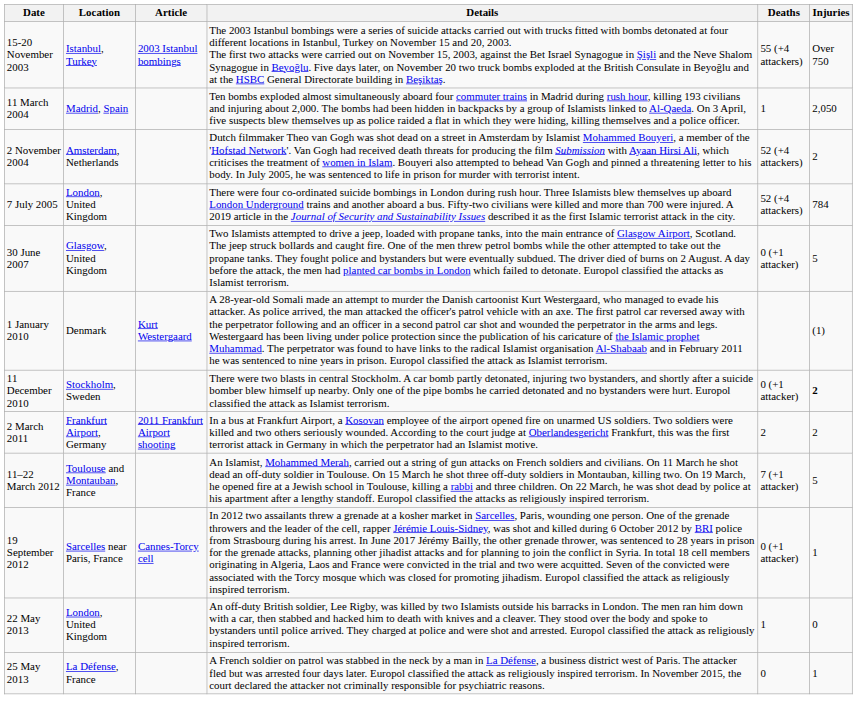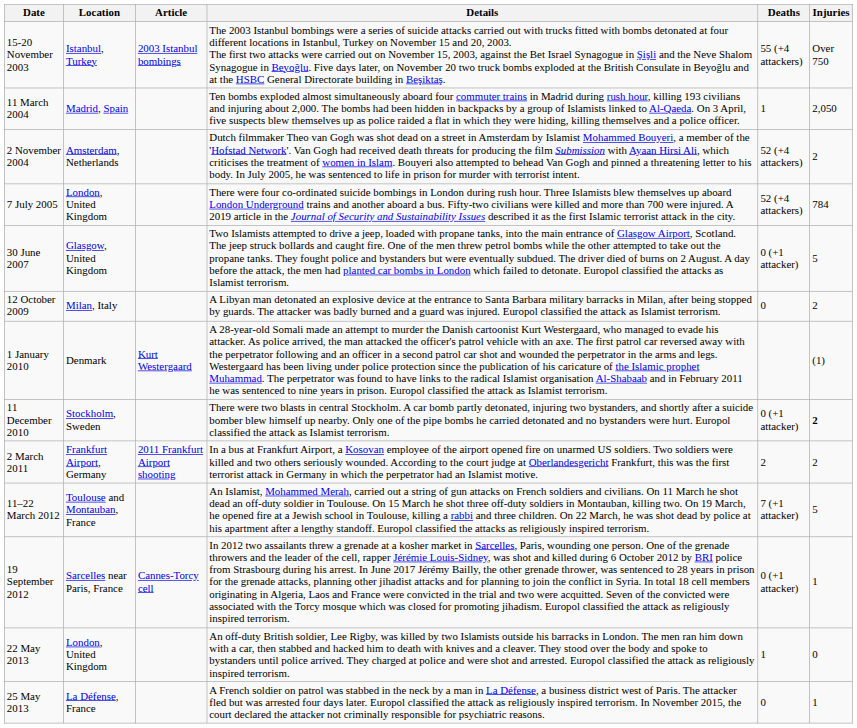 <table class="wikitable ">
 <tr>
 <th>Date</th>
 <th>Location</th>
 <th>Article</th>
 <th>Details</th>
 <th>Deaths</th>
 <th>Injuries</th>
 </tr>
 <tr>
 <td>15-20 November 2003</td>
 <td> <a href='#'>Istanbul</a>, <a href='#'>Turkey</a></td>
 <td><a href='#'>2003 Istanbul bombings</a></td>
 <td>The 2003 Istanbul bombings were a series of suicide attacks carried out with trucks fitted with bombs detonated at four different locations in Istanbul, Turkey on November 15 and 20, 2003.<br>The first two attacks were carried out on November 15, 2003, against the Bet Israel Synagogue in <a href='#'>Şişli</a> and the Neve Shalom Synagogue in <a href='#'>Beyoğlu</a>. Five days later, on November 20 two truck bombs exploded at the British Consulate in Beyoğlu and at the <a href='#'>HSBC</a> General Directorate building in <a href='#'>Beşiktaş</a>.</td>
 <td>55 (+4 attackers)</td>
 <td>Over 750</td>
 </tr>
 <tr>
 <td>11 March 2004</td>
 <td> <a href='#'>Madrid</a>, <a href='#'>Spain</a></td>
 <td></td>
 <td>Ten bombs exploded almost simultaneously aboard four <a href='#'>commuter trains</a> in Madrid during <a href='#'>rush hour</a>, killing 193 civilians and injuring about 2,000. The bombs had been hidden in backpacks by a group of Islamists linked to <a href='#'>Al-Qaeda</a>. On 3 April, five suspects blew themselves up as police raided a flat in which they were hiding, killing themselves and a police officer.</td>
 <td>1</td>
 <td>2,050</td>
 </tr>
 <tr>
 <td>2 November 2004</td>
 <td> <a href='#'>Amsterdam</a>, Netherlands</td>
 <td></td>
 <td>Dutch filmmaker Theo van Gogh was shot dead on a street in Amsterdam by Islamist <a href='#'>Mohammed Bouyeri</a>, a member of the '<a href='#'>Hofstad Network</a>'. Van Gogh had received death threats for producing the film <em><a href='#'>Submission</a></em> with <a href='#'>Ayaan Hirsi Ali</a>, which criticises the treatment of <a href='#'>women in Islam</a>. Bouyeri also attempted to behead Van Gogh and pinned a threatening letter to his body. In July 2005, he was sentenced to life in prison for murder with terrorist intent.</td>
 <td>52 (+4 attackers)</td>
 <td>2</td>
 </tr>
 <tr>
 <td>7 July 2005</td>
 <td> <a href='#'>London</a>, United Kingdom</td>
 <td></td>
 <td>There were four co-ordinated suicide bombings in London during rush hour. Three Islamists blew themselves up aboard <a href='#'>London Underground</a> trains and another aboard a bus. Fifty-two civilians were killed and more than 700 were injured. A 2019 article in the <em><a href='#'>Journal of Security and Sustainability Issues</a></em> described it as the first Islamic terrorist attack in the city.</td>
 <td>52 (+4 attackers)</td>
 <td>784</td>
 </tr>
 <tr>
 <td>30 June 2007</td>
 <td> <a href='#'>Glasgow</a>, United Kingdom</td>
 <td></td>
 <td>Two Islamists attempted to drive a jeep, loaded with propane tanks, into the main entrance of <a href='#'>Glasgow Airport</a>, Scotland. The jeep struck bollards and caught fire. One of the men threw petrol bombs while the other attempted to take out the propane tanks. They fought police and bystanders but were eventually subdued. The driver died of burns on 2 August. A day before the attack, the men had <a href='#'>planted car bombs in London</a> which failed to detonate. Europol classified the attacks as Islamist terrorism.</td>
 <td>0 (+1 attacker)</td>
 <td>5</td>
+</tr>
+<tr>
+<td>12 October 2009</td>
+<td> <a href='#'>Milan</a>, Italy</td>
+<td></td>
+<td>A Libyan man detonated an explosive device at the entrance to Santa Barbara military barracks in Milan, after being stopped by guards. The attacker was badly burned and a guard was injured. Europol classified the attack as Islamist terrorism.</td>
+<td>0</td>
+<td>2</td>
 </tr>
 <tr>
 <td>1 January 2010</td>
 <td> Denmark</td>
 <td><a href='#'>Kurt Westergaard</a></td>
 <td>A 28-year-old Somali made an attempt to murder the Danish cartoonist Kurt Westergaard, who managed to evade his attacker. As police arrived, the man attacked the officer's patrol vehicle with an axe. The first patrol car reversed away with the perpetrator following and an officer in a second patrol car shot and wounded the perpetrator in the arms and legs. Westergaard has been living under police protection since the publication of his caricature of <a href='#'>the Islamic prophet Muhammad</a>. The perpetrator was found to have links to the radical Islamist organisation <a href='#'>Al-Shabaab</a> and in February 2011 he was sentenced to nine years in prison. Europol classified the attack as Islamist terrorism.</td>
 <td></td>
 <td>(1)</td>
 </tr>
 <tr>
 <td>11 December 2010</td>
 <td> <a href='#'>Stockholm</a>, Sweden</td>
 <td></td>
 <td>There were two blasts in central Stockholm. A car bomb partly detonated, injuring two bystanders, and shortly after a suicide bomber blew himself up nearby. Only one of the pipe bombs he carried detonated and no bystanders were hurt. Europol classified the attack as Islamist terrorism.</td>
 <td>0 (+1 attacker)</td>
 <td><strong>2</strong></td>
 </tr>
 <tr>
 <td>2 March 2011</td>
 <td> <a href='#'>Frankfurt Airport</a>, Germany</td>
 <td><a href='#'>2011 Frankfurt Airport shooting</a></td>
 <td>In a bus at Frankfurt Airport, a <a href='#'>Kosovan</a> employee of the airport opened fire on unarmed US soldiers. Two soldiers were killed and two others seriously wounded. According to the court judge at <a href='#'>Oberlandesgericht</a> Frankfurt, this was the first terrorist attack in Germany in which the perpetrator had an Islamist motive.</td>
 <td>2</td>
 <td>2</td>
 </tr>
 <tr>
 <td>11–22 March 2012</td>
 <td> <a href='#'>Toulouse</a> and <a href='#'>Montauban</a>, France</td>
 <td></td>
 <td>An Islamist, <a href='#'>Mohammed Merah</a>, carried out a string of gun attacks on French soldiers and civilians. On 11 March he shot dead an off-duty soldier in Toulouse. On 15 March he shot three off-duty soldiers in Montauban, killing two. On 19 March, he opened fire at a Jewish school in Toulouse, killing a <a href='#'>rabbi</a> and three children. On 22 March, he was shot dead by police at his apartment after a lengthy standoff. Europol classified the attacks as religiously inspired terrorism.</td>
 <td>7 (+1 attacker)</td>
 <td>5</td>
 </tr>
 <tr>
 <td>19 September 2012</td>
 <td> <a href='#'>Sarcelles</a> near Paris, France</td>
 <td><a href='#'>Cannes-Torcy cell</a></td>
 <td>In 2012 two assailants threw a grenade at a kosher market in <a href='#'>Sarcelles</a>, Paris,  wounding one person. One of the grenade throwers and the leader of the cell, rapper <a href='#'>Jérémie Louis-Sidney</a>, was shot and killed during 6 October 2012 by <a href='#'>BRI</a> police from Strasbourg during his arrest. In June 2017 Jérémy Bailly, the other grenade thrower, was sentenced to 28 years in prison for the grenade attacks, planning other jihadist attacks and for planning to join the conflict in Syria. In total 18 cell members originating in Algeria, Laos and France were convicted in the trial and two were acquitted. Seven of the convicted were associated with the Torcy mosque which was closed for promoting jihadism. Europol classified the attack as religiously inspired terrorism.</td>
 <td>0 (+1 attacker)</td>
 <td>1</td>
 </tr>
 <tr>
 <td>22 May 2013</td>
 <td> <a href='#'>London</a>, United Kingdom</td>
 <td></td>
 <td>An off-duty British soldier, Lee Rigby, was killed by two Islamists outside his barracks in London. The men ran him down with a car, then stabbed and hacked him to death with knives and a cleaver. They stood over the body and spoke to bystanders until police arrived. They charged at police and were shot and arrested. Europol classified the attack as religiously inspired terrorism.</td>
 <td>1</td>
 <td>0</td>
 </tr>
 <tr>
 <td>25 May 2013</td>
 <td> <a href='#'>La Défense</a>, France</td>
 <td></td>
 <td>A French soldier on patrol was stabbed in the neck by a man in <a href='#'>La Défense</a>, a business district west of Paris. The attacker fled but was arrested four days later. Europol classified the attack as religiously inspired terrorism. In November 2015, the court declared the attacker not criminally responsible for psychiatric reasons.</td>
 <td>0</td>
 <td>1</td>
 </tr>
 </table>
